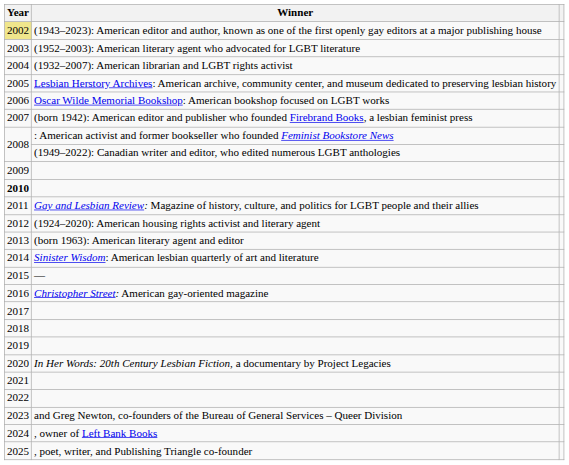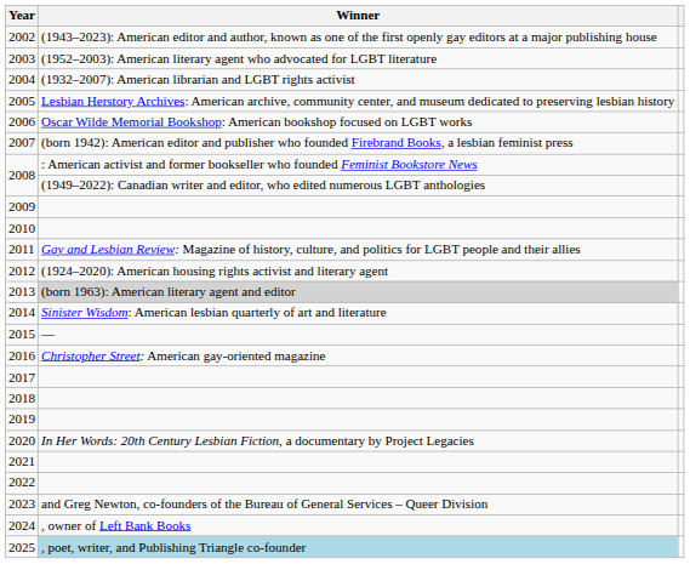 <table class="wikitable">
 <tr>
 <th>Year</th>
 <th>Winner</th>
 <th></th>
 </tr>
 <tr>
-<td style="background: khaki;">2002</td>
+<td>2002</td>
 <td> (1943–2023): American editor and author, known as one of the first openly gay editors at a major publishing house</td>
 <td></td>
 </tr>
 <tr>
 <td>2003</td>
 <td> (1952–2003): American literary agent who advocated for LGBT literature</td>
 <td></td>
 </tr>
 <tr>
 <td>2004</td>
 <td> (1932–2007): American librarian and LGBT rights activist</td>
 <td></td>
 </tr>
 <tr>
 <td>2005</td>
 <td><a href='#'>Lesbian Herstory Archives</a>: American archive, community center, and museum dedicated to preserving lesbian history</td>
 <td></td>
 </tr>
 <tr>
 <td>2006</td>
 <td><a href='#'>Oscar Wilde Memorial Bookshop</a>: American bookshop focused on LGBT works</td>
 <td></td>
 </tr>
 <tr>
 <td>2007</td>
 <td> (born 1942): American editor and publisher who founded <a href='#'>Firebrand Books</a>, a lesbian feminist press</td>
 <td></td>
 </tr>
 <tr>
 <td rowspan="2">2008</td>
 <td>: American activist and former bookseller who founded <em><a href='#'>Feminist Bookstore News</a></em></td>
 <td></td>
 </tr>
 <tr>
 <td> (1949–2022): Canadian writer and editor, who edited numerous LGBT anthologies</td>
 <td></td>
 </tr>
 <tr>
 <td>2009</td>
 <td></td>
 <td></td>
 </tr>
 <tr>
-<td><strong>2010</strong></td>
+<td>2010</td>
 <td></td>
 <td></td>
 </tr>
 <tr>
 <td>2011</td>
 <td><em><a href='#'>Gay and Lesbian Review</a>:</em> Magazine of history, culture, and politics for LGBT people and their allies</td>
 <td></td>
 </tr>
 <tr>
 <td>2012</td>
 <td> (1924–2020): American housing rights activist and literary agent</td>
 <td></td>
 </tr>
 <tr>
 <td>2013</td>
-<td> (born 1963): American literary agent and editor</td>
+<td style="background: lightgrey;"> (born 1963): American literary agent and editor</td>
 <td></td>
 </tr>
 <tr>
 <td>2014</td>
 <td><em><a href='#'>Sinister Wisdom</a></em>: American lesbian quarterly of art and literature</td>
 <td></td>
 </tr>
 <tr>
 <td>2015</td>
 <td>—</td>
 <td></td>
 </tr>
 <tr>
 <td>2016</td>
 <td><em><a href='#'>Christopher Street</a>:</em> American gay-oriented magazine</td>
 <td></td>
 </tr>
 <tr>
 <td>2017</td>
 <td></td>
 <td></td>
 </tr>
 <tr>
 <td>2018</td>
 <td></td>
 <td></td>
 </tr>
 <tr>
 <td>2019</td>
 <td></td>
 <td></td>
 </tr>
 <tr>
 <td>2020</td>
 <td><em>In Her Words: 20th Century Lesbian Fiction</em>, a documentary by Project Legacies</td>
 <td></td>
 </tr>
 <tr>
 <td>2021</td>
 <td></td>
 <td></td>
 </tr>
 <tr>
 <td>2022</td>
 <td></td>
 <td></td>
 </tr>
 <tr>
 <td>2023</td>
 <td> and Greg Newton, co-founders of the Bureau of General Services – Queer Division</td>
 <td></td>
 </tr>
 <tr>
 <td>2024</td>
 <td>, owner of <a href='#'>Left Bank Books</a></td>
 <td></td>
 </tr>
 <tr>
 <td>2025</td>
-<td>, poet, writer, and Publishing Triangle co-founder</td>
+<td style="background: lightblue;">, poet, writer, and Publishing Triangle co-founder</td>
 <td></td>
 </tr>
 </table>
